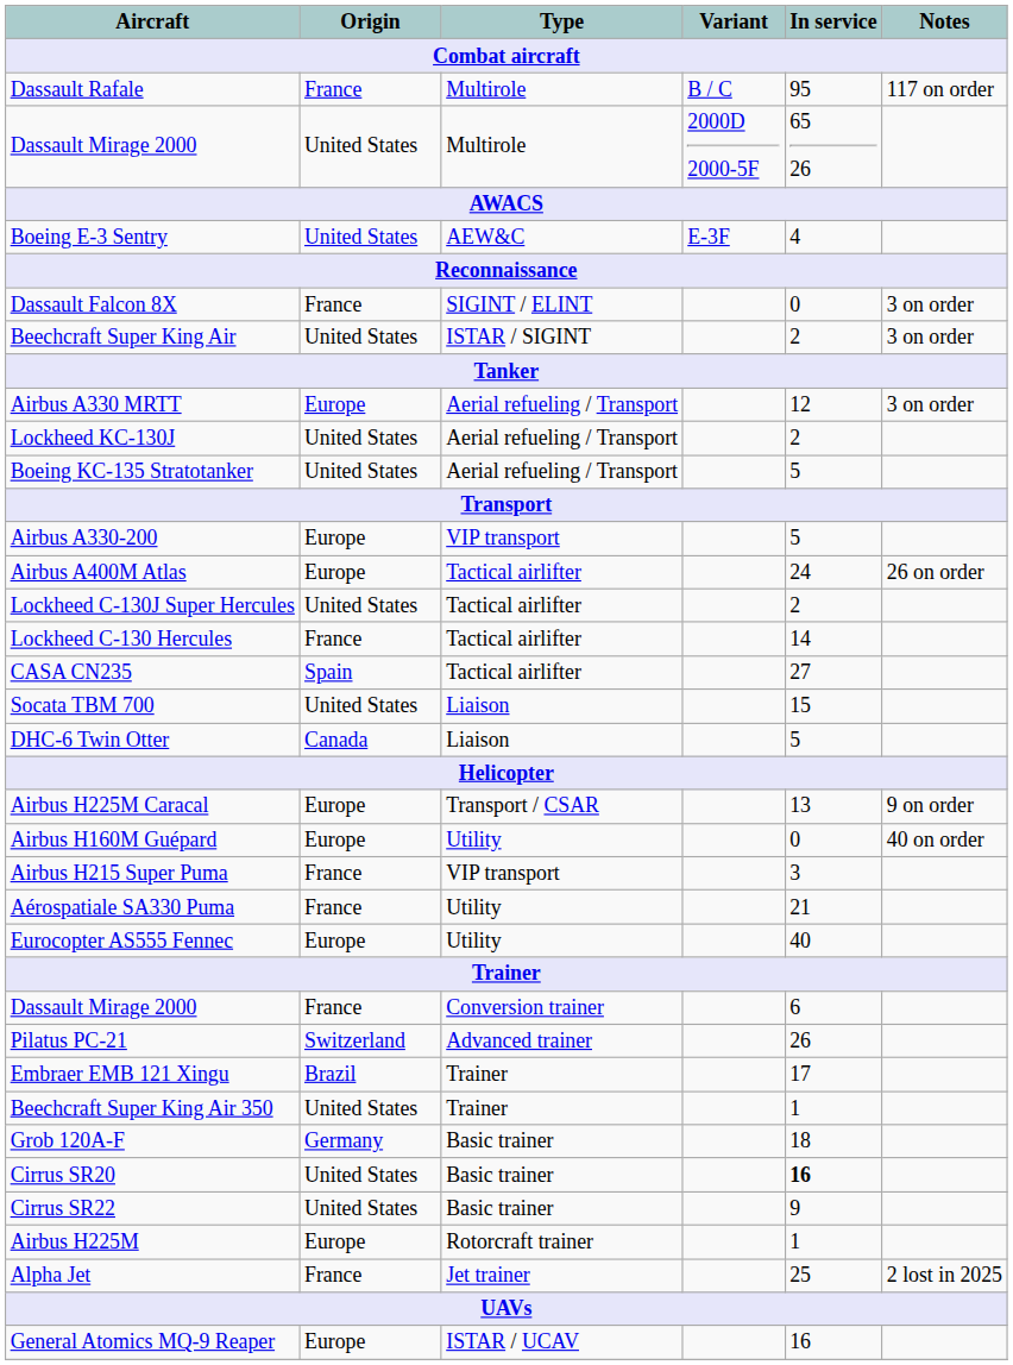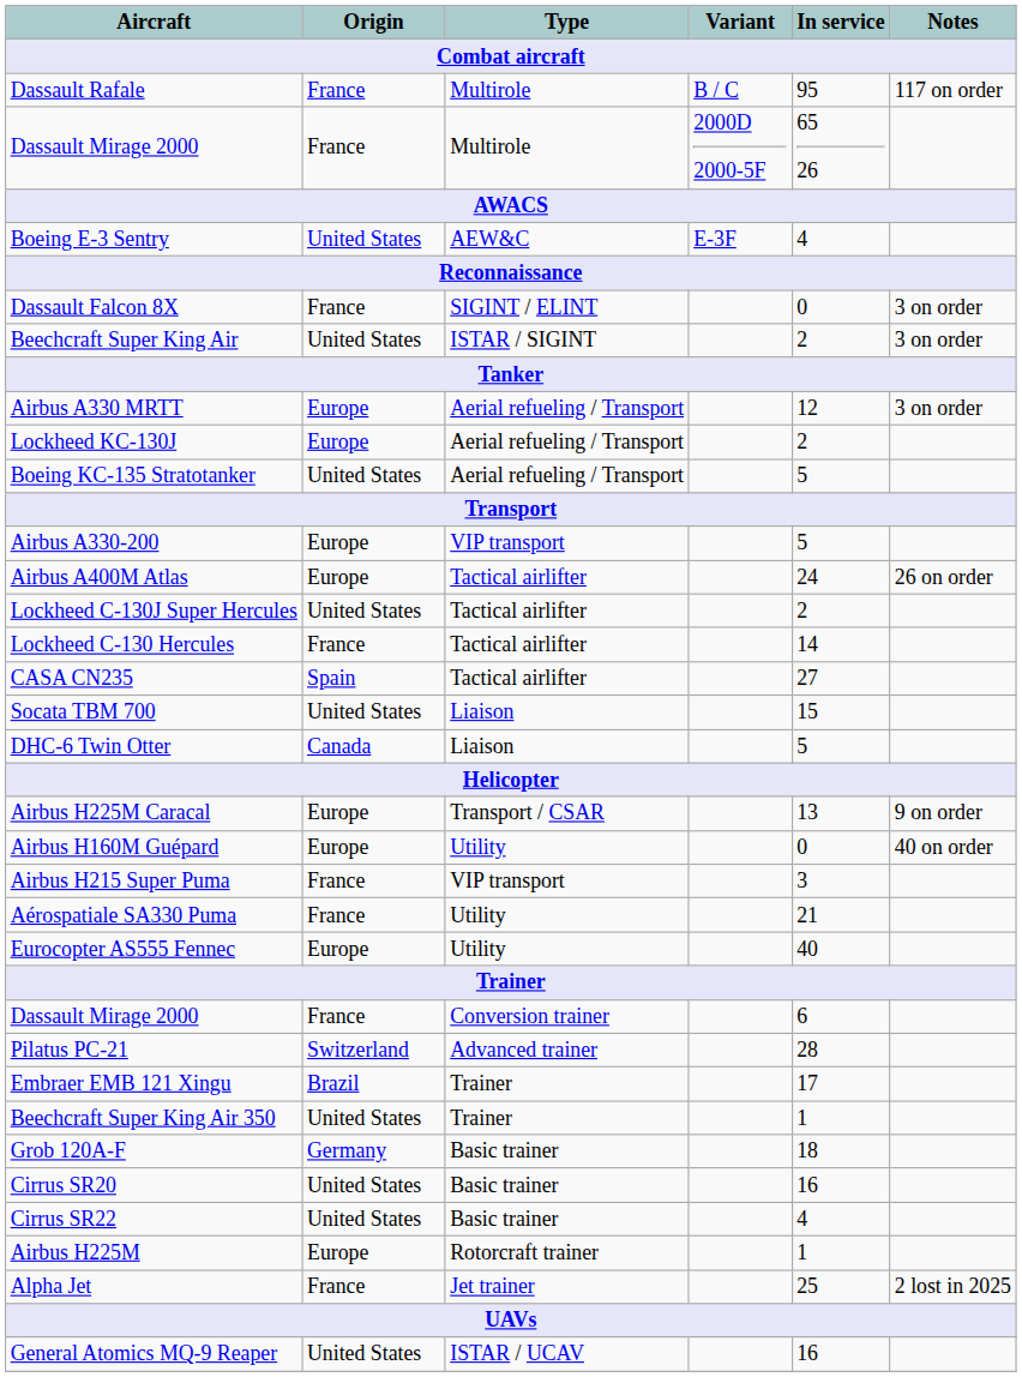 <table class="wikitable plainrowheaders">
 <tr valign=top>
 <th scope="col" style="background:#acc;">Aircraft</th>
 <th scope="col" style="background:#acc; width:100px;">Origin</th>
 <th scope="col" style="background:#acc;">Type</th>
 <th scope="col" style="background:#acc; width:70px;">Variant</th>
 <th scope="col" style="background:#acc;">In service</th>
 <th scope="col" style="background:#acc;">Notes</th>
 </tr>
 <tr>
 <th style="align: center; background: lavender;" colspan="6"><a href='#'>Combat aircraft</a></th>
 </tr>
 <tr>
 <td><a href='#'>Dassault Rafale</a></td>
 <td><a href='#'>France</a></td>
 <td><a href='#'>Multirole</a></td>
 <td><a href='#'>B / C</a></td>
 <td>95</td>
 <td>117 on order</td>
 </tr>
 <tr>
 <td><a href='#'>Dassault Mirage 2000</a></td>
-<td>United States</td>
+<td>France</td>
 <td>Multirole</td>
 <td><a href='#'>2000D</a><hr><a href='#'>2000-5F</a></td>
 <td>65<hr>26</td>
 <td></td>
 </tr>
 <tr>
 <th style="align: center; background: lavender;" colspan="6"><a href='#'>AWACS</a></th>
 </tr>
 <tr>
 <td><a href='#'>Boeing E-3 Sentry</a></td>
 <td><a href='#'>United States</a></td>
 <td><a href='#'>AEW&C</a></td>
 <td><a href='#'>E-3F</a></td>
 <td>4</td>
 <td></td>
 </tr>
 <tr>
 <th style="align: center; background: lavender;" colspan="6"><a href='#'>Reconnaissance</a></th>
 </tr>
 <tr>
 <td><a href='#'>Dassault Falcon 8X</a></td>
 <td>France</td>
 <td><a href='#'>SIGINT</a> / <a href='#'>ELINT</a></td>
 <td></td>
 <td>0</td>
 <td>3 on order</td>
 </tr>
 <tr>
 <td><a href='#'>Beechcraft Super King Air</a></td>
 <td>United States</td>
 <td><a href='#'>ISTAR</a> / SIGINT</td>
 <td></td>
 <td>2</td>
 <td>3 on order</td>
 </tr>
 <tr>
 <th style="align: center; background: lavender;" colspan="6"><a href='#'>Tanker</a></th>
 </tr>
 <tr>
 <td><a href='#'>Airbus A330 MRTT</a></td>
 <td><a href='#'>Europe</a></td>
 <td><a href='#'>Aerial refueling</a> / <a href='#'>Transport</a></td>
 <td></td>
 <td>12</td>
 <td>3 on order</td>
 </tr>
 <tr>
 <td><a href='#'>Lockheed KC-130J</a></td>
-<td>United States</td>
+<td><a href='#'>Europe</a></td>
 <td>Aerial refueling / Transport</td>
 <td></td>
 <td>2</td>
 <td></td>
 </tr>
 <tr>
 <td><a href='#'>Boeing KC-135 Stratotanker</a></td>
 <td>United States</td>
 <td>Aerial refueling / Transport</td>
 <td></td>
 <td>5</td>
 <td></td>
 </tr>
 <tr>
 <th style="align: center; background: lavender;" colspan="6"><a href='#'>Transport</a></th>
 </tr>
 <tr>
 <td><a href='#'>Airbus A330-200</a></td>
 <td>Europe</td>
 <td><a href='#'>VIP transport</a></td>
 <td></td>
 <td>5</td>
 <td></td>
 </tr>
 <tr>
 <td><a href='#'>Airbus A400M Atlas</a></td>
 <td>Europe</td>
 <td><a href='#'>Tactical airlifter</a></td>
 <td></td>
 <td>24</td>
 <td>26 on order</td>
 </tr>
 <tr>
 <td><a href='#'>Lockheed C-130J Super Hercules</a></td>
 <td>United States</td>
 <td>Tactical airlifter</td>
 <td></td>
 <td>2</td>
 <td></td>
 </tr>
 <tr>
 <td><a href='#'>Lockheed C-130 Hercules</a></td>
 <td>France</td>
 <td>Tactical airlifter</td>
 <td></td>
 <td>14</td>
 <td></td>
 </tr>
 <tr>
 <td><a href='#'>CASA CN235</a></td>
 <td><a href='#'>Spain</a></td>
 <td>Tactical airlifter</td>
 <td></td>
 <td>27</td>
 <td></td>
 </tr>
 <tr>
 <td><a href='#'>Socata TBM 700</a></td>
 <td>United States</td>
 <td><a href='#'>Liaison</a></td>
 <td></td>
 <td>15</td>
 <td></td>
 </tr>
 <tr>
 <td><a href='#'>DHC-6 Twin Otter</a></td>
 <td><a href='#'>Canada</a></td>
 <td>Liaison</td>
 <td></td>
 <td>5</td>
 <td></td>
 </tr>
 <tr>
 <th style="align: center; background: lavender;" colspan="6"><a href='#'>Helicopter</a></th>
 </tr>
 <tr>
 <td><a href='#'>Airbus H225M Caracal</a></td>
 <td>Europe</td>
 <td>Transport / <a href='#'>CSAR</a></td>
 <td></td>
 <td>13</td>
 <td>9 on order</td>
 </tr>
 <tr>
 <td><a href='#'>Airbus H160M Guépard</a></td>
 <td>Europe</td>
 <td><a href='#'>Utility</a></td>
 <td></td>
 <td>0</td>
 <td>40 on order</td>
 </tr>
 <tr>
 <td><a href='#'>Airbus H215 Super Puma</a></td>
 <td>France</td>
 <td>VIP transport</td>
 <td></td>
 <td>3</td>
 <td></td>
 </tr>
 <tr>
 <td><a href='#'>Aérospatiale SA330 Puma</a></td>
 <td>France</td>
 <td>Utility</td>
 <td></td>
 <td>21</td>
 <td></td>
 </tr>
 <tr>
 <td><a href='#'>Eurocopter AS555 Fennec</a></td>
 <td>Europe</td>
 <td>Utility</td>
 <td></td>
 <td>40</td>
 <td></td>
 </tr>
 <tr>
 <th style="align: center; background: lavender;" colspan="6"><a href='#'>Trainer</a></th>
 </tr>
 <tr>
 <td><a href='#'>Dassault Mirage 2000</a></td>
 <td>France</td>
 <td><a href='#'>Conversion trainer</a></td>
 <td></td>
 <td>6</td>
 <td></td>
 </tr>
 <tr>
 <td><a href='#'>Pilatus PC-21</a></td>
 <td><a href='#'>Switzerland</a></td>
 <td><a href='#'>Advanced trainer</a></td>
 <td></td>
-<td>26</td>
+<td>28</td>
 <td></td>
 </tr>
 <tr>
 <td><a href='#'>Embraer EMB 121 Xingu</a></td>
 <td><a href='#'>Brazil</a></td>
 <td>Trainer</td>
 <td></td>
 <td>17</td>
 <td></td>
 </tr>
 <tr>
 <td><a href='#'>Beechcraft Super King Air 350</a></td>
 <td>United States</td>
 <td>Trainer</td>
 <td></td>
 <td>1</td>
 <td></td>
 </tr>
 <tr>
 <td><a href='#'>Grob 120A-F</a></td>
 <td><a href='#'>Germany</a></td>
 <td>Basic trainer</td>
 <td></td>
 <td>18</td>
 <td></td>
 </tr>
 <tr>
 <td><a href='#'>Cirrus SR20</a></td>
 <td>United States</td>
 <td>Basic trainer</td>
 <td></td>
-<td><strong>16</strong></td>
+<td>16</td>
 <td></td>
 </tr>
 <tr>
 <td><a href='#'>Cirrus SR22</a></td>
 <td>United States</td>
 <td>Basic trainer</td>
 <td></td>
-<td>9</td>
+<td>4</td>
 <td></td>
 </tr>
 <tr>
 <td><a href='#'>Airbus H225M</a></td>
 <td>Europe</td>
 <td>Rotorcraft trainer</td>
 <td></td>
 <td>1</td>
 <td></td>
 </tr>
 <tr>
 <td><a href='#'>Alpha Jet</a></td>
 <td>France</td>
 <td><a href='#'>Jet trainer</a></td>
 <td></td>
 <td>25</td>
 <td>2 lost in 2025</td>
 </tr>
 <tr>
 <th style="align: center; background: lavender;" colspan="6"><a href='#'>UAVs</a></th>
 </tr>
 <tr>
 <td><a href='#'>General Atomics MQ-9 Reaper</a></td>
-<td>Europe</td>
+<td>United States</td>
 <td><a href='#'>ISTAR</a> / <a href='#'>UCAV</a></td>
 <td></td>
 <td>16</td>
 <td></td>
 </tr>
 <tr>
 </tr>
 </table>
